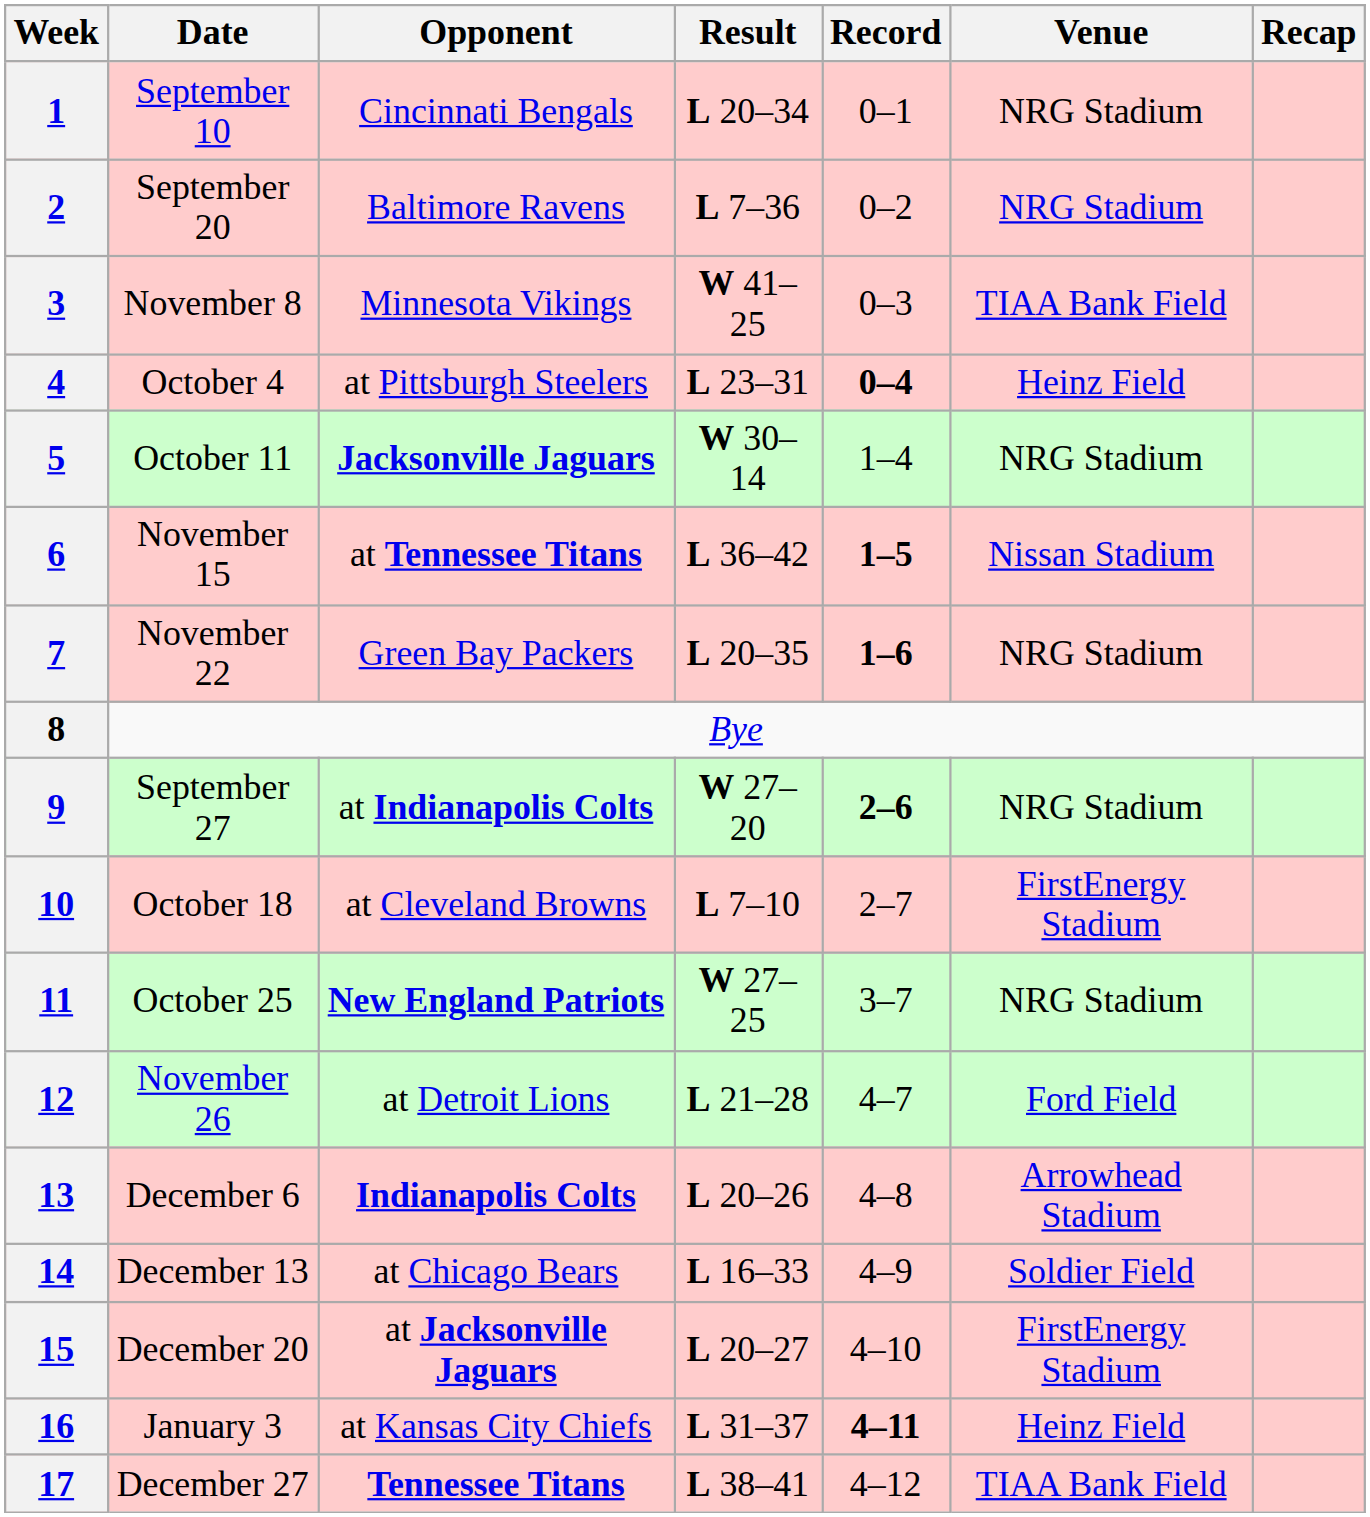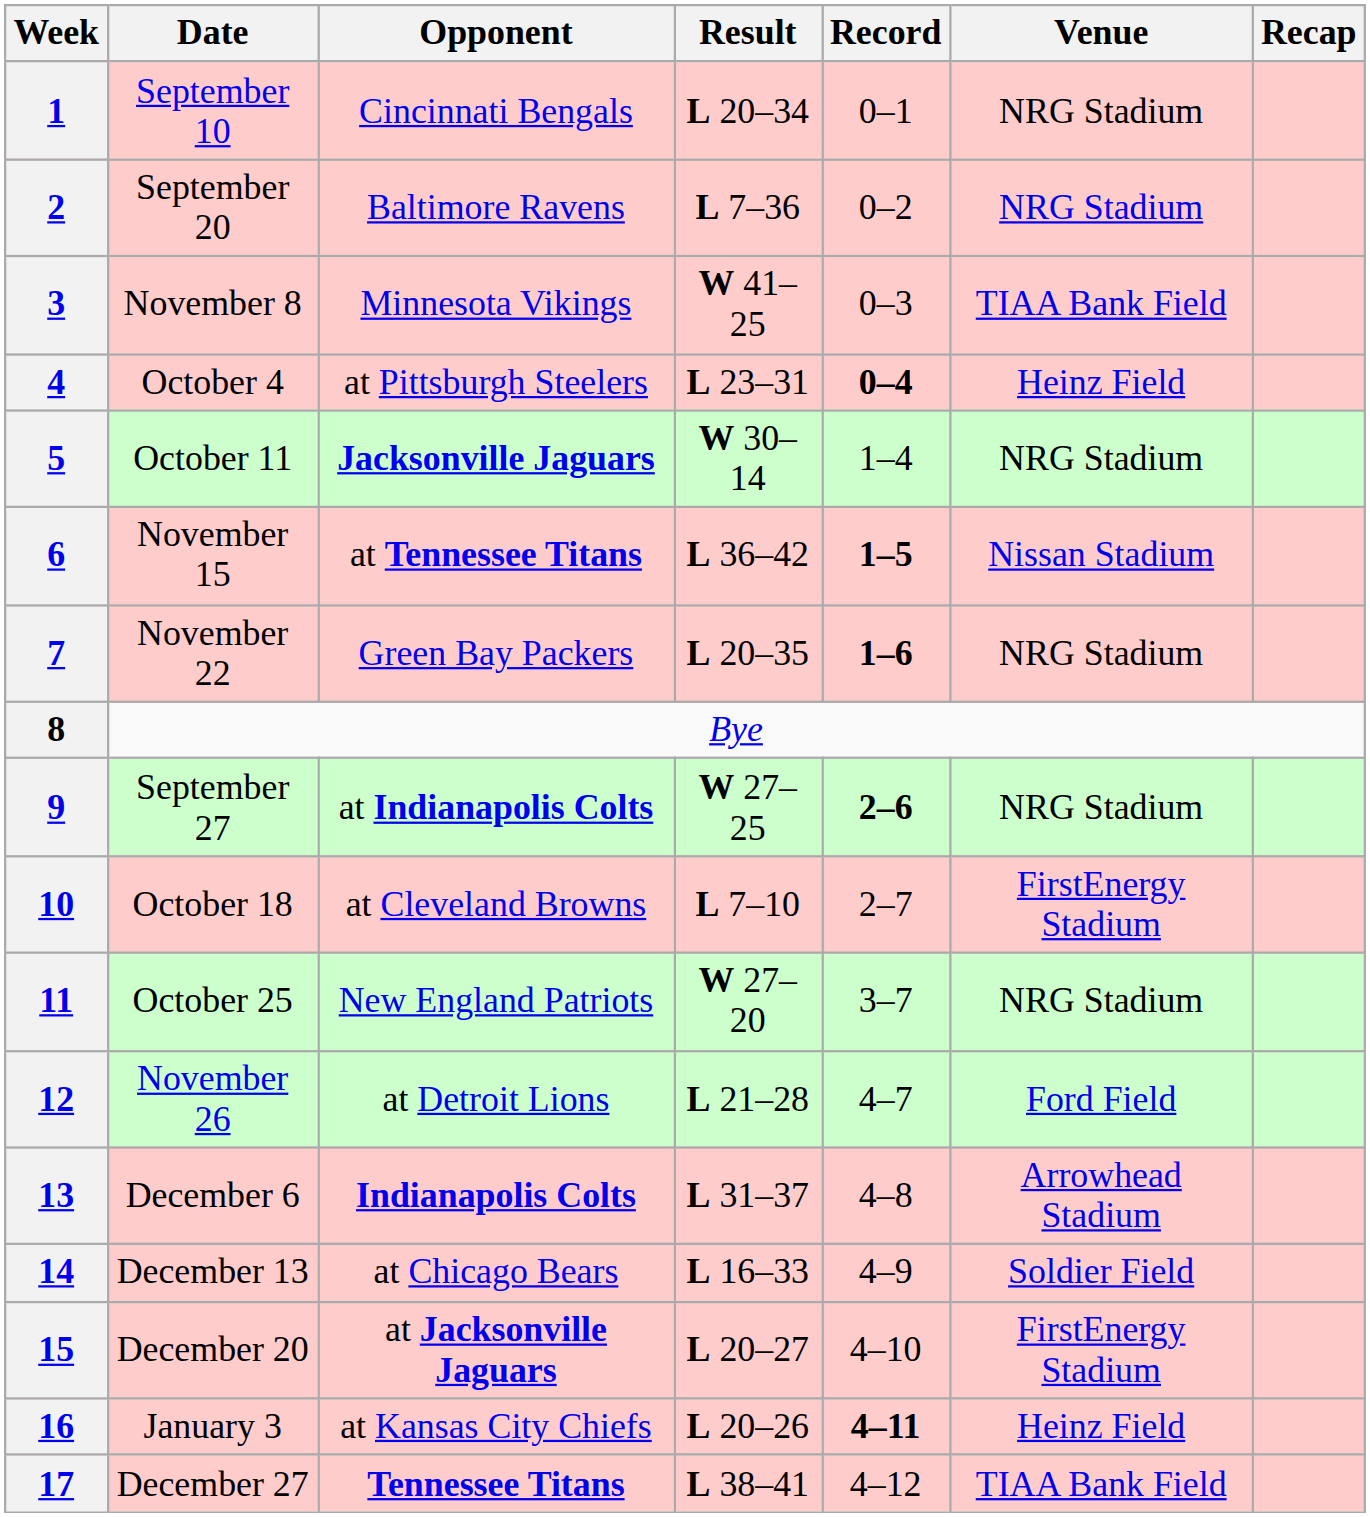 <table class="wikitable" style="text-align:center">
 <tr>
 <th>Week</th>
 <th>Date</th>
 <th>Opponent</th>
 <th>Result</th>
 <th>Record</th>
 <th>Venue</th>
 <th>Recap</th>
 </tr>
 <tr style="background:#fcc">
 <th><a href='#'>1</a></th>
 <td><a href='#'>September 10</a></td>
 <td><a href='#'>Cincinnati Bengals</a></td>
 <td><strong>L</strong> 20–34</td>
 <td>0–1</td>
 <td>NRG Stadium</td>
 <td></td>
 </tr>
 <tr style="background:#fcc">
 <th><a href='#'>2</a></th>
 <td>September 20</td>
 <td><a href='#'>Baltimore Ravens</a></td>
 <td><strong>L</strong> 7–36</td>
 <td>0–2</td>
 <td><a href='#'>NRG Stadium</a></td>
 <td></td>
 </tr>
 <tr style="background:#fcc">
 <th><a href='#'>3</a></th>
 <td>November 8</td>
 <td><a href='#'>Minnesota Vikings</a></td>
 <td><strong>W</strong> 41–25</td>
 <td>0–3</td>
 <td><a href='#'>TIAA Bank Field</a></td>
 <td></td>
 </tr>
 <tr style="background:#fcc">
 <th><a href='#'>4</a></th>
 <td>October 4</td>
 <td>at <a href='#'>Pittsburgh Steelers</a></td>
 <td><strong>L</strong> 23–31</td>
 <td><strong>0–4</strong></td>
 <td><a href='#'>Heinz Field</a></td>
 <td></td>
 </tr>
 <tr style="background:#cfc">
 <th><a href='#'>5</a></th>
 <td>October 11</td>
 <td><strong><a href='#'>Jacksonville Jaguars</a></strong></td>
 <td><strong>W</strong> 30–14</td>
 <td>1–4</td>
 <td>NRG Stadium</td>
 <td></td>
 </tr>
 <tr style="background:#fcc">
 <th><a href='#'>6</a></th>
 <td>November 15</td>
 <td>at <strong><a href='#'>Tennessee Titans</a></strong></td>
 <td><strong>L</strong> 36–42 </td>
 <td><strong>1–5</strong></td>
 <td><a href='#'>Nissan Stadium</a></td>
 <td></td>
 </tr>
 <tr style="background:#fcc">
 <th><a href='#'>7</a></th>
 <td>November 22</td>
 <td><a href='#'>Green Bay Packers</a></td>
 <td><strong>L</strong> 20–35</td>
 <td><strong>1–6</strong></td>
 <td>NRG Stadium</td>
 <td></td>
 </tr>
 <tr>
 <th>8</th>
 <td colspan="6"><em><a href='#'>Bye</a></em></td>
 </tr>
 <tr style="background:#cfc">
 <th><a href='#'>9</a></th>
 <td>September 27</td>
 <td>at <strong><a href='#'>Indianapolis Colts</a></strong></td>
-<td><strong>W</strong> 27–20</td>
+<td><strong>W</strong> 27–25</td>
 <td><strong>2–6</strong></td>
 <td>NRG Stadium</td>
 <td></td>
 </tr>
 <tr style="background:#fcc">
 <th><a href='#'>10</a></th>
 <td>October 18</td>
 <td>at <a href='#'>Cleveland Browns</a></td>
 <td><strong>L</strong> 7–10</td>
 <td>2–7</td>
 <td><a href='#'>FirstEnergy Stadium</a></td>
 <td></td>
 </tr>
 <tr style="background:#cfc">
 <th><a href='#'>11</a></th>
 <td>October 25</td>
-<td><strong><a href='#'>New England Patriots</a></strong></td>
-<td><strong>W</strong> 27–25</td>
+<td><a href='#'>New England Patriots</a></td>
+<td><strong>W</strong> 27–20</td>
 <td>3–7</td>
 <td>NRG Stadium</td>
 <td></td>
 </tr>
 <tr style="background:#cfc">
 <th><a href='#'>12</a></th>
 <td><a href='#'>November 26</a></td>
 <td>at <a href='#'>Detroit Lions</a></td>
 <td><strong>L</strong> 21–28</td>
 <td>4–7</td>
 <td><a href='#'>Ford Field</a></td>
 <td></td>
 </tr>
 <tr style="background:#fcc">
 <th><a href='#'>13</a></th>
 <td>December 6</td>
 <td><strong><a href='#'>Indianapolis Colts</a></strong></td>
-<td><strong>L</strong> 20–26</td>
+<td><strong>L</strong> 31–37</td>
 <td>4–8</td>
 <td><a href='#'>Arrowhead Stadium</a></td>
 <td></td>
 </tr>
 <tr style="background:#fcc">
 <th><a href='#'>14</a></th>
 <td>December 13</td>
 <td>at <a href='#'>Chicago Bears</a></td>
 <td><strong>L</strong> 16–33</td>
 <td>4–9</td>
 <td><a href='#'>Soldier Field</a></td>
 <td></td>
 </tr>
 <tr style="background:#fcc">
 <th><a href='#'>15</a></th>
 <td>December 20</td>
 <td>at <strong><a href='#'>Jacksonville Jaguars</a></strong></td>
 <td><strong>L</strong> 20–27</td>
 <td>4–10</td>
 <td><a href='#'>FirstEnergy Stadium</a></td>
 <td></td>
 </tr>
 <tr style="background:#fcc">
 <th><a href='#'>16</a></th>
 <td>January 3</td>
 <td>at <a href='#'>Kansas City Chiefs</a></td>
-<td><strong>L</strong> 31–37</td>
+<td><strong>L</strong> 20–26</td>
 <td><strong>4–11</strong></td>
 <td><a href='#'>Heinz Field</a></td>
 <td></td>
 </tr>
 <tr style="background:#fcc">
 <th><a href='#'>17</a></th>
 <td>December 27</td>
 <td><strong><a href='#'>Tennessee Titans</a></strong></td>
 <td><strong>L</strong> 38–41</td>
 <td>4–12</td>
 <td><a href='#'>TIAA Bank Field</a></td>
 <td></td>
 </tr>
 </table>
